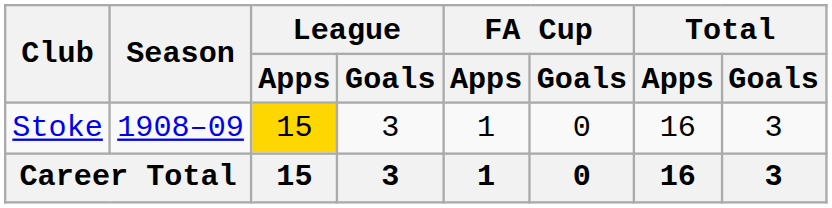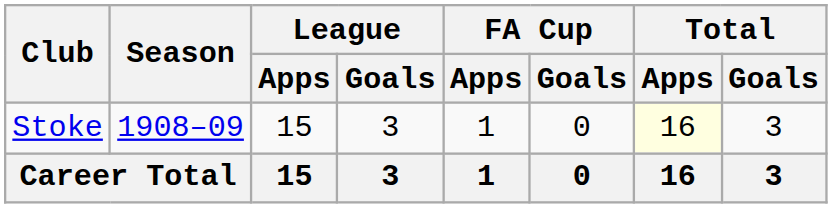 <table class="wikitable" style="text-align: center;">
 <tr>
 <th rowspan="2">Club</th>
 <th rowspan="2">Season</th>
 <th colspan="2">League</th>
 <th colspan="2">FA Cup</th>
 <th colspan="2">Total</th>
 </tr>
 <tr>
 <th>Apps</th>
 <th>Goals</th>
 <th>Apps</th>
 <th>Goals</th>
 <th>Apps</th>
 <th>Goals</th>
 </tr>
 <tr>
 <td><a href='#'>Stoke</a></td>
 <td><a href='#'>1908–09</a></td>
-<td style="background: gold;">15</td>
+<td>15</td>
 <td>3</td>
 <td>1</td>
 <td>0</td>
-<td>16</td>
+<td style="background: lightyellow;">16</td>
 <td>3</td>
 </tr>
 <tr>
 <th colspan="2">Career Total</th>
 <th>15</th>
 <th>3</th>
 <th>1</th>
 <th>0</th>
 <th>16</th>
 <th>3</th>
 </tr>
 </table>
